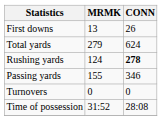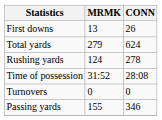 <table class="wikitable" style="float: left;">
 <tr>
 <th>Statistics</th>
 <th>MRMK</th>
 <th>CONN</th>
 </tr>
 <tr>
 <td>First downs</td>
 <td>13</td>
 <td>26</td>
 </tr>
 <tr>
 <td>Total yards</td>
 <td>279</td>
 <td>624</td>
 </tr>
 <tr>
 <td>Rushing yards</td>
 <td>124</td>
-<td><strong>278</strong></td>
+<td>278</td>
+</tr>
+<tr>
+<td>Time of possession</td>
+<td>31:52</td>
+<td>28:08</td>
+</tr>
+<tr>
+<td>Turnovers</td>
+<td>0</td>
+<td>0</td>
 </tr>
 <tr>
 <td>Passing yards</td>
 <td>155</td>
 <td>346</td>
 </tr>
 <tr>
-<td>Turnovers</td>
-<td>0</td>
-<td>0</td>
-</tr>
-<tr>
-<td>Time of possession</td>
-<td>31:52</td>
-<td>28:08</td>
-</tr>
-<tr>
 </tr>
 </table>
